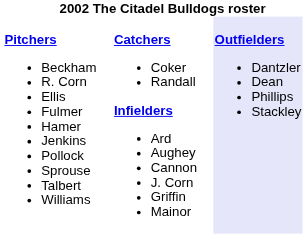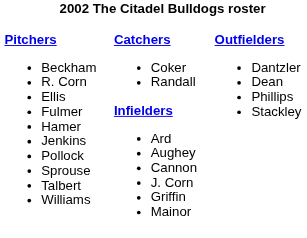 <table class="toccolours" style="border-collapse:collapse; font-size:90%;">
 <tr>
 <th colspan="9">2002 The Citadel Bulldogs roster</th>
 </tr>
 <tr>
 </tr>
 <tr>
 <td width="03"> </td>
 <td valign="top"><br><strong><a href='#'>Pitchers</a></strong><ul><li>Beckham</li><li>R. Corn</li><li>Ellis</li><li>Fulmer</li><li>Hamer</li><li>Jenkins</li><li>Pollock</li><li>Sprouse</li><li>Talbert</li><li>Williams</li></ul></td>
 <td width="15"> </td>
 <td valign="top"><br><strong><a href='#'>Catchers</a></strong><ul><li>Coker</li><li>Randall</li></ul><strong><a href='#'>Infielders</a></strong><ul><li>Ard</li><li>Aughey</li><li>Cannon</li><li>J. Corn</li><li>Griffin</li><li>Mainor</li></ul></td>
 <td width="15"> </td>
-<td valign="top" style="background: lavender;"><br><strong><a href='#'>Outfielders</a></strong><ul><li>Dantzler</li><li>Dean</li><li>Phillips</li><li>Stackley</li></ul></td>
+<td valign="top"><br><strong><a href='#'>Outfielders</a></strong><ul><li>Dantzler</li><li>Dean</li><li>Phillips</li><li>Stackley</li></ul></td>
 <td width="25"> </td>
 </tr>
 </table>
